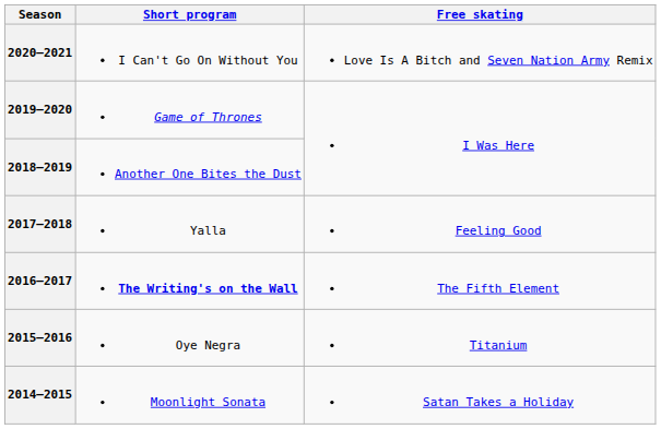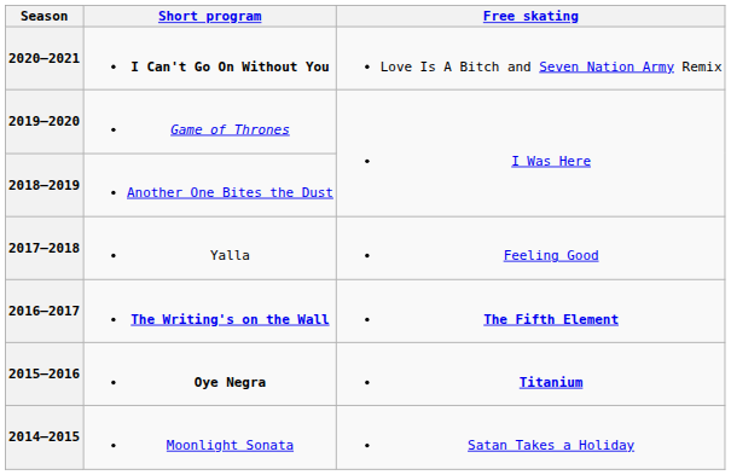 <table class=wikitable style=text-align:center>
 <tr>
 <th>Season</th>
 <th><a href='#'>Short program</a></th>
 <th><a href='#'>Free skating</a></th>
 </tr>
 <tr>
 <th>2020–2021 <br>  </th>
-<td><br><ul><li>I Can't Go On Without You <br> </li></ul></td>
+<td><strong><br><ul><li>I Can't Go On Without You <br> </li></ul></strong></td>
 <td><br><ul><li>Love Is A Bitch and <a href='#'>Seven Nation Army</a> Remix <br> </li></ul></td>
 </tr>
 <tr>
 <th>2019–2020 <br>  </th>
 <td><br><ul><li><em><a href='#'>Game of Thrones</a></em> <br> </li></ul></td>
 <td rowspan=2><br><ul><li><a href='#'>I Was Here</a> <br> </li></ul></td>
 </tr>
 <tr>
 <th>2018–2019 <br> </th>
 <td><br><ul><li><a href='#'>Another One Bites the Dust</a> <br> </li></ul></td>
 </tr>
 <tr>
 <th>2017–2018 <br> </th>
 <td><br><ul><li>Yalla <br> </li></ul></td>
 <td><br><ul><li><a href='#'>Feeling Good</a> <br> </li></ul></td>
 </tr>
 <tr>
 <th>2016–2017 <br> </th>
 <td><strong><br><ul><li><a href='#'>The Writing's on the Wall</a> <br> </li></ul></strong></td>
-<td><br><ul><li><a href='#'>The Fifth Element</a> <br> </li></ul></td>
+<td><strong><br><ul><li><a href='#'>The Fifth Element</a> <br> </li></ul></strong></td>
 </tr>
 <tr>
 <th>2015–2016</th>
-<td><br><ul><li>Oye Negra <br> </li></ul></td>
-<td><br><ul><li><a href='#'>Titanium</a> <br> </li></ul></td>
+<td><strong><br><ul><li>Oye Negra <br> </li></ul></strong></td>
+<td><strong><br><ul><li><a href='#'>Titanium</a> <br> </li></ul></strong></td>
 </tr>
 <tr>
 <th>2014–2015</th>
 <td><br><ul><li><a href='#'>Moonlight Sonata</a> <br> </li></ul></td>
 <td><br><ul><li><a href='#'>Satan Takes a Holiday</a> <br> </li></ul></td>
 </tr>
 </table>
